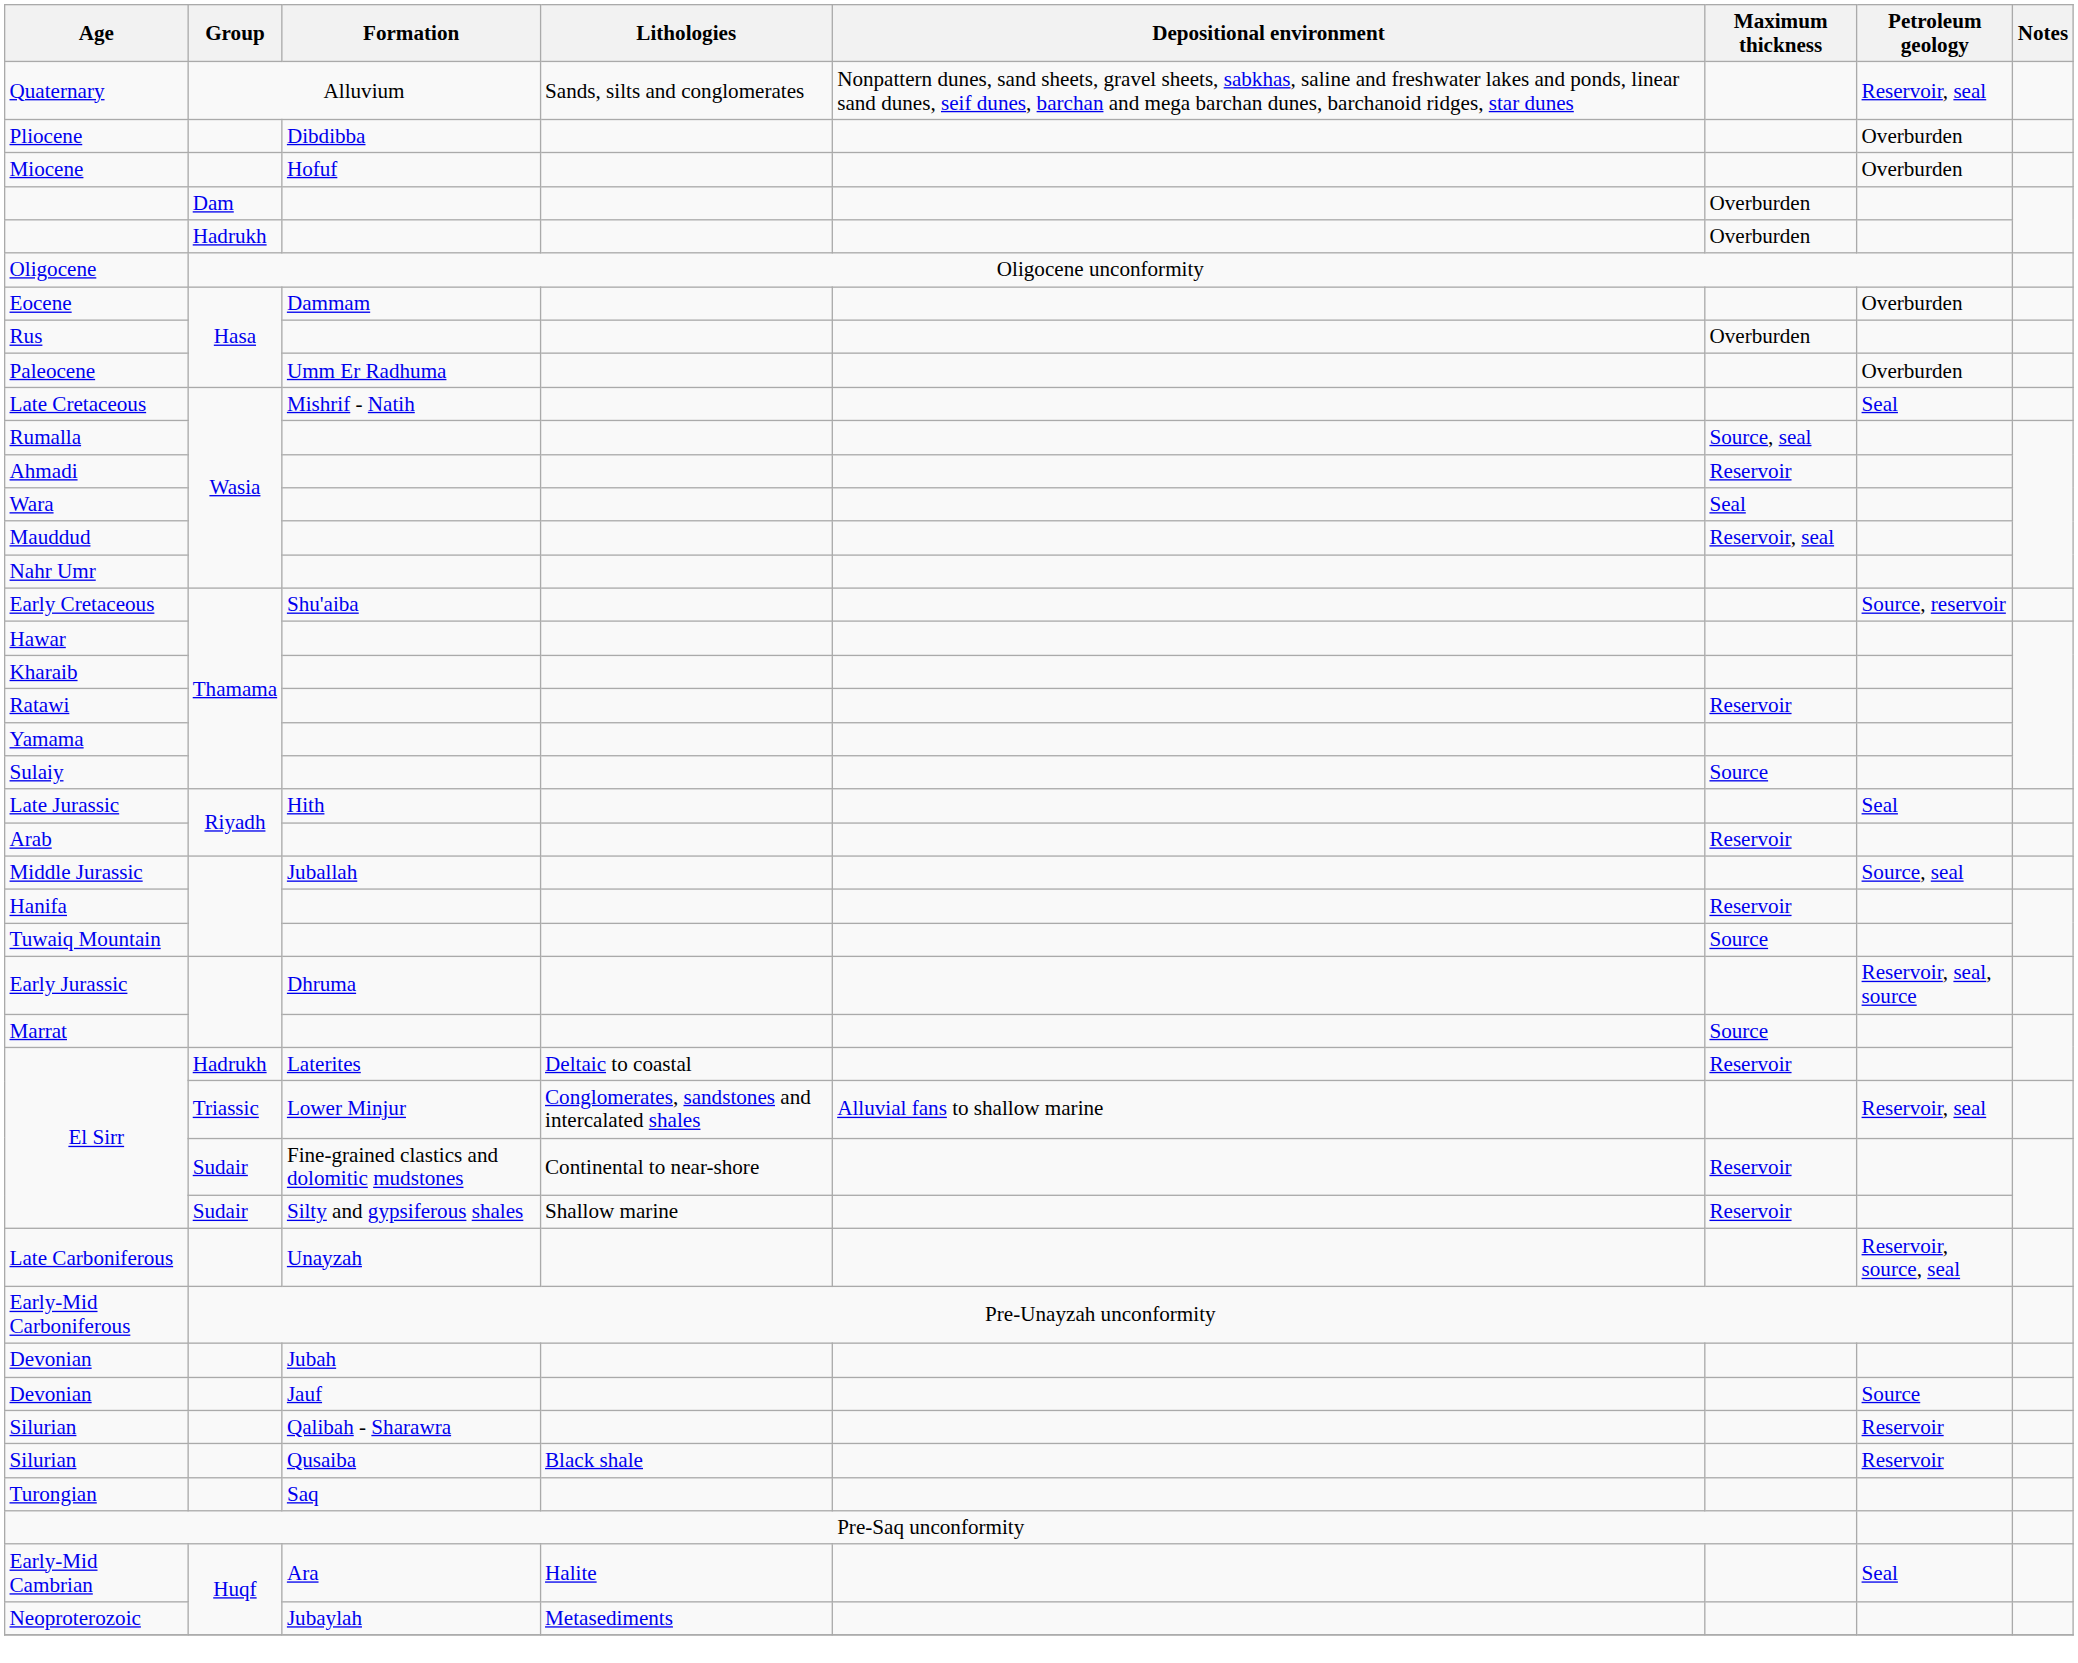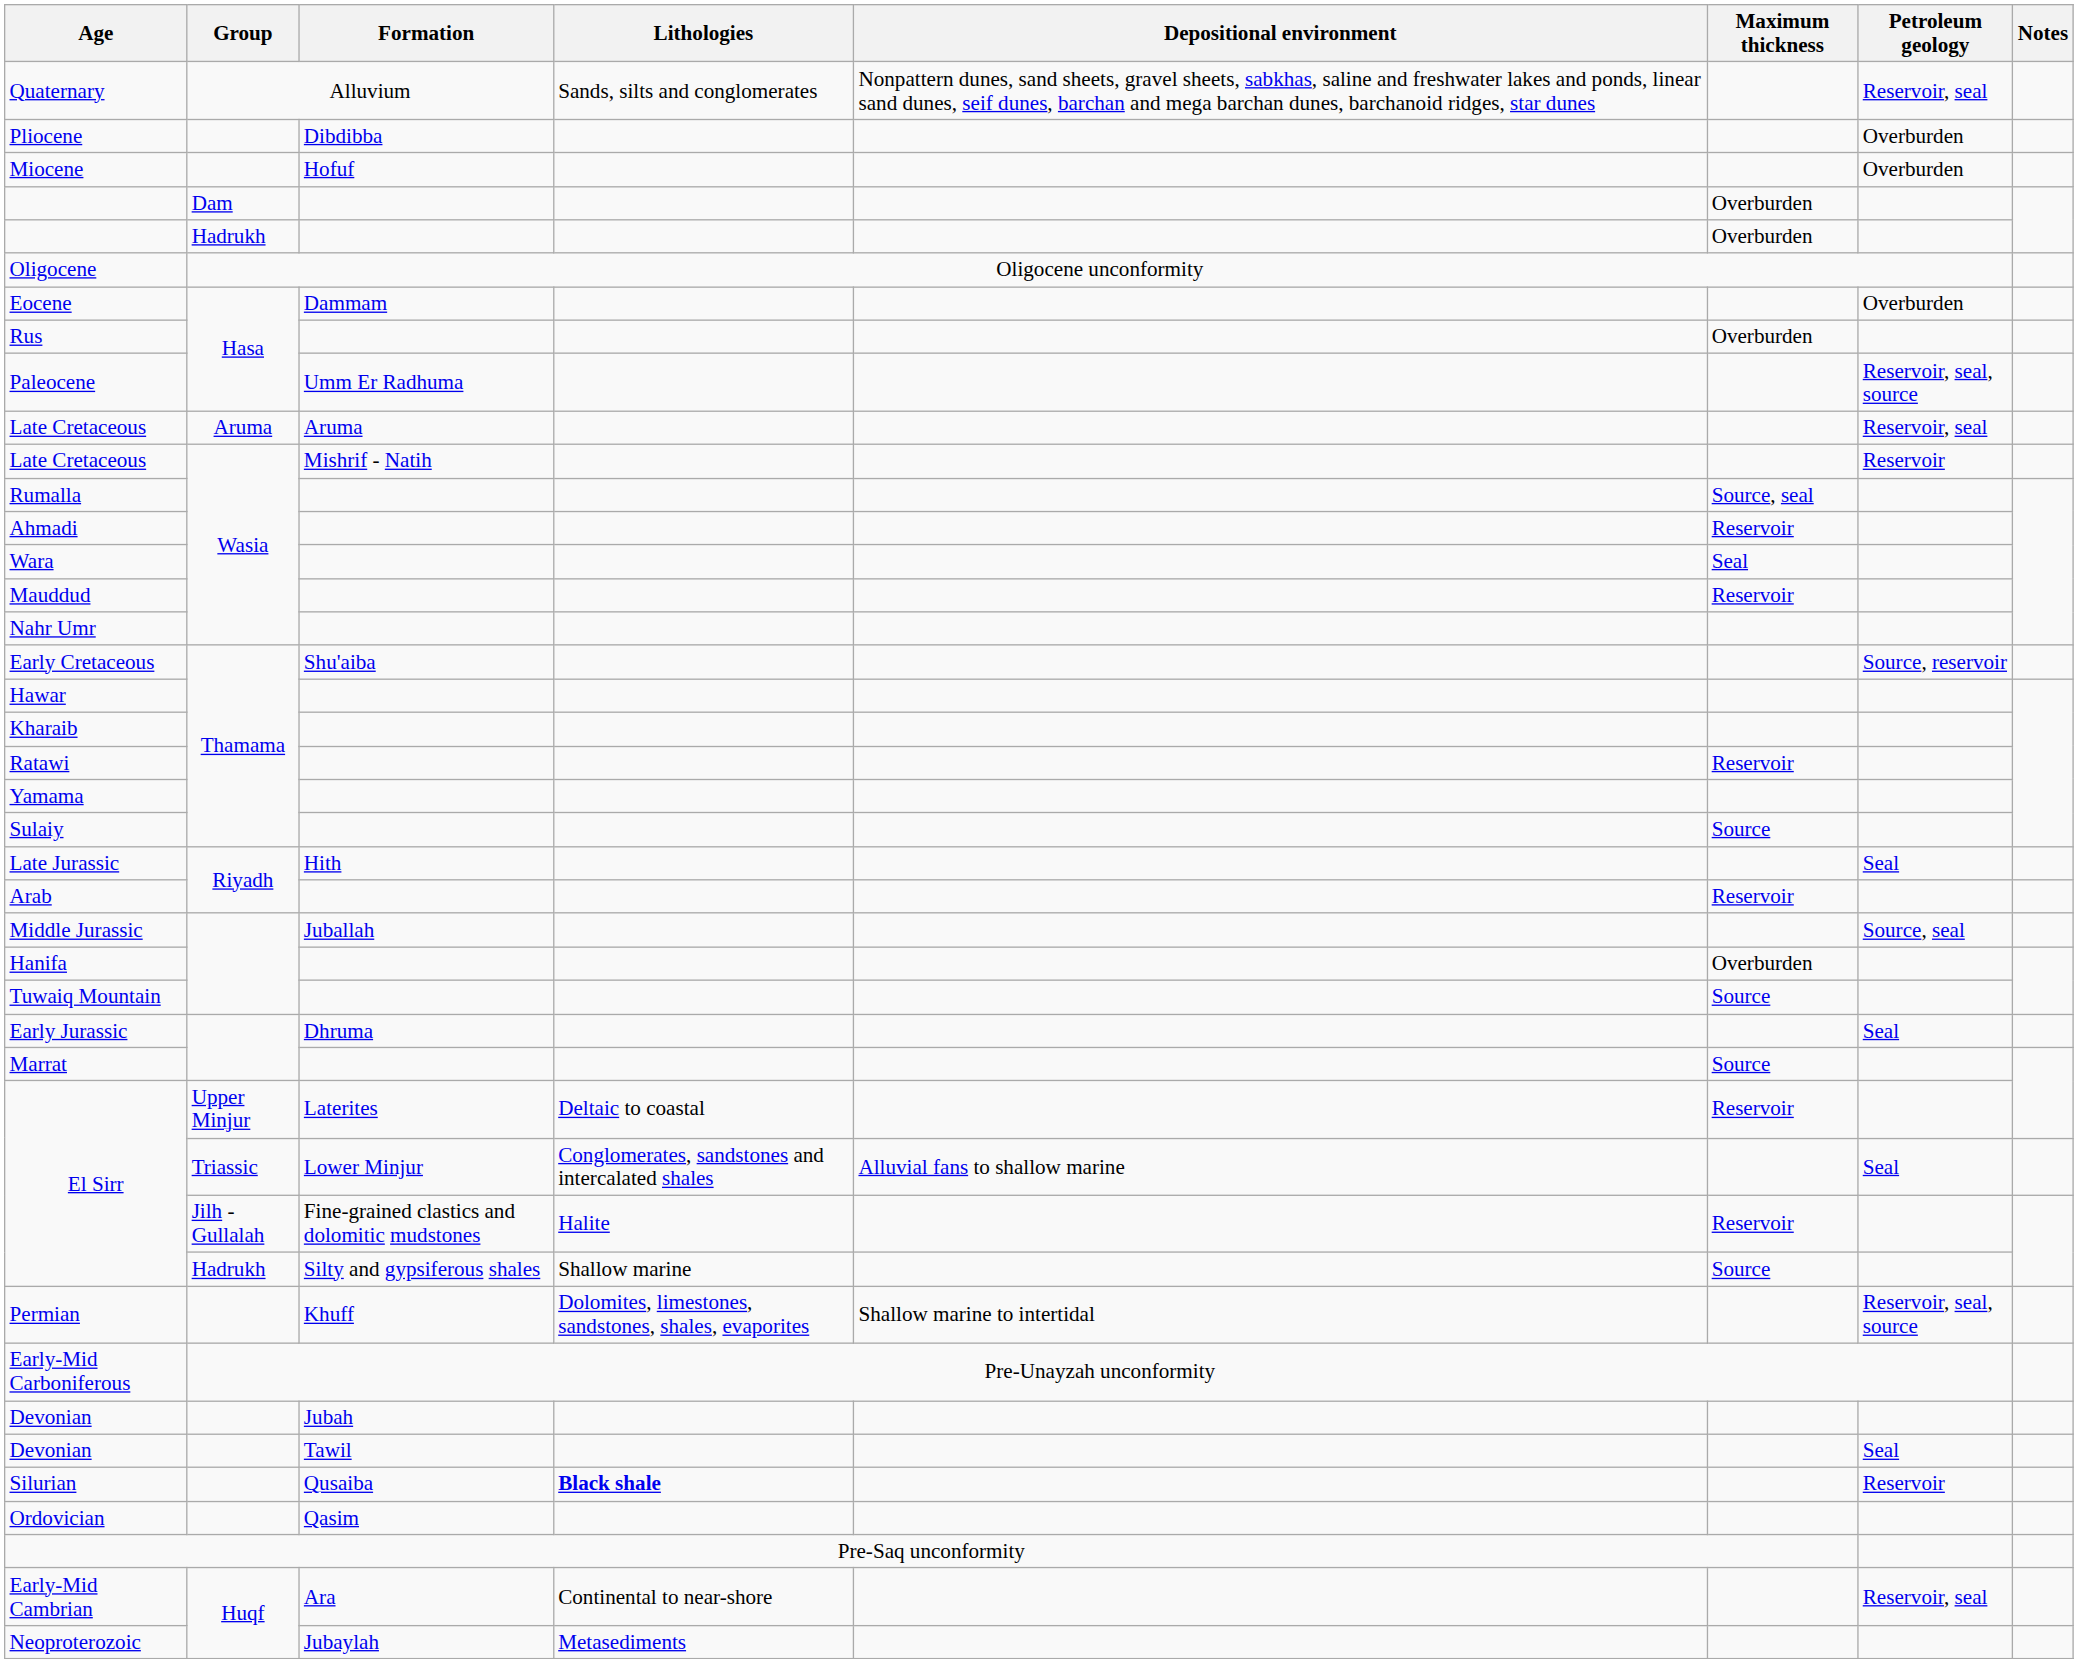 <table class="wikitable sortable mw-collapsible">
 <tr>
 <th>Age</th>
 <th>Group</th>
 <th>Formation</th>
 <th>Lithologies</th>
 <th>Depositional environment</th>
 <th>Maximum thickness</th>
 <th>Petroleum geology</th>
 <th class=unsortable>Notes</th>
 </tr>
 <tr>
 <td style="background-color: "><a href='#'>Quaternary</a></td>
 <td colspan=2 align=center>Alluvium</td>
 <td>Sands, silts and conglomerates</td>
 <td>Nonpattern dunes, sand sheets, gravel sheets, <a href='#'>sabkhas</a>, saline and freshwater lakes and ponds, linear sand dunes, <a href='#'>seif dunes</a>, <a href='#'>barchan</a> and mega barchan dunes, barchanoid ridges, <a href='#'>star dunes</a></td>
 <td></td>
 <td><a href='#'>Reservoir</a>, <a href='#'>seal</a></td>
 <td></td>
 </tr>
 <tr>
 <td style="background-color: "><a href='#'>Pliocene</a></td>
 <td align=center></td>
 <td><a href='#'>Dibdibba</a></td>
 <td></td>
 <td></td>
 <td></td>
 <td>Overburden</td>
 <td></td>
 </tr>
 <tr>
 <td style="background-color: "><a href='#'>Miocene</a></td>
 <td align=center></td>
 <td><a href='#'>Hofuf</a></td>
 <td></td>
 <td></td>
 <td></td>
 <td>Overburden</td>
 <td></td>
 </tr>
 <tr>
 <td align=center></td>
 <td><a href='#'>Dam</a></td>
 <td></td>
 <td></td>
 <td></td>
 <td>Overburden</td>
 <td></td>
 </tr>
 <tr>
 <td align=center></td>
 <td><a href='#'>Hadrukh</a></td>
 <td></td>
 <td></td>
 <td></td>
 <td>Overburden</td>
 <td></td>
 </tr>
 <tr>
 <td style="background-color: "><a href='#'>Oligocene</a></td>
 <td align=center colspan=6>Oligocene unconformity</td>
 <td></td>
 </tr>
 <tr>
 <td style="background-color: "><a href='#'>Eocene</a></td>
 <td align=center rowspan=3><a href='#'>Hasa</a></td>
 <td><a href='#'>Dammam</a></td>
 <td></td>
 <td></td>
 <td></td>
 <td>Overburden</td>
 <td></td>
 </tr>
 <tr>
 <td><a href='#'>Rus</a></td>
 <td></td>
 <td></td>
 <td></td>
 <td>Overburden</td>
 <td></td>
 </tr>
 <tr>
 <td style="background-color: "><a href='#'>Paleocene</a></td>
 <td><a href='#'>Umm Er Radhuma</a></td>
 <td></td>
 <td></td>
 <td></td>
-<td>Overburden</td>
+<td><a href='#'>Reservoir</a>, <a href='#'>seal</a>, <a href='#'>source</a></td>
+<td></td>
+</tr>
+<tr>
+<td style="background-color: "><a href='#'>Late Cretaceous</a></td>
+<td align=center><a href='#'>Aruma</a></td>
+<td><a href='#'>Aruma</a></td>
+<td></td>
+<td></td>
+<td></td>
+<td><a href='#'>Reservoir</a>, <a href='#'>seal</a></td>
 <td></td>
 </tr>
 <tr>
 <td style="background-color: "><a href='#'>Late Cretaceous</a></td>
 <td align=center rowspan=6><a href='#'>Wasia</a></td>
 <td><a href='#'>Mishrif</a> - <a href='#'>Natih</a></td>
 <td></td>
 <td></td>
 <td></td>
-<td><a href='#'>Seal</a></td>
+<td><a href='#'>Reservoir</a></td>
 <td></td>
 </tr>
 <tr>
 <td><a href='#'>Rumalla</a></td>
 <td></td>
 <td></td>
 <td></td>
 <td><a href='#'>Source</a>, <a href='#'>seal</a></td>
 <td></td>
 </tr>
 <tr>
 <td><a href='#'>Ahmadi</a></td>
 <td></td>
 <td></td>
 <td></td>
 <td><a href='#'>Reservoir</a></td>
 <td></td>
 </tr>
 <tr>
 <td><a href='#'>Wara</a></td>
 <td></td>
 <td></td>
 <td></td>
 <td><a href='#'>Seal</a></td>
 <td></td>
 </tr>
 <tr>
 <td><a href='#'>Mauddud</a></td>
 <td></td>
 <td></td>
 <td></td>
-<td><a href='#'>Reservoir</a>, <a href='#'>seal</a></td>
+<td><a href='#'>Reservoir</a></td>
 <td></td>
 </tr>
 <tr>
 <td><a href='#'>Nahr Umr</a></td>
 <td></td>
 <td></td>
 <td></td>
 <td></td>
 <td></td>
 </tr>
 <tr>
 <td style="background-color: "><a href='#'>Early Cretaceous</a></td>
 <td align=center rowspan=6><a href='#'>Thamama</a></td>
 <td><a href='#'>Shu'aiba</a></td>
 <td></td>
 <td></td>
 <td></td>
 <td><a href='#'>Source</a>, <a href='#'>reservoir</a></td>
 <td></td>
 </tr>
 <tr>
 <td><a href='#'>Hawar</a></td>
 <td></td>
 <td></td>
 <td></td>
 <td></td>
 <td></td>
 </tr>
 <tr>
 <td><a href='#'>Kharaib</a></td>
 <td></td>
 <td></td>
 <td></td>
 <td></td>
 <td></td>
 </tr>
 <tr>
 <td><a href='#'>Ratawi</a></td>
 <td></td>
 <td></td>
 <td></td>
 <td><a href='#'>Reservoir</a></td>
 <td></td>
 </tr>
 <tr>
 <td><a href='#'>Yamama</a></td>
 <td></td>
 <td></td>
 <td></td>
 <td></td>
 <td></td>
 </tr>
 <tr>
 <td><a href='#'>Sulaiy</a></td>
 <td></td>
 <td></td>
 <td></td>
 <td><a href='#'>Source</a></td>
 <td></td>
 </tr>
 <tr>
 <td style="background-color: "><a href='#'>Late Jurassic</a></td>
 <td align=center rowspan=2><a href='#'>Riyadh</a></td>
 <td><a href='#'>Hith</a></td>
 <td></td>
 <td></td>
 <td></td>
 <td><a href='#'>Seal</a></td>
 <td></td>
 </tr>
 <tr>
 <td><a href='#'>Arab</a></td>
 <td></td>
 <td></td>
 <td></td>
 <td><a href='#'>Reservoir</a></td>
 <td></td>
 </tr>
 <tr>
 <td style="background-color: "><a href='#'>Middle Jurassic</a></td>
 <td align=center rowspan=3></td>
 <td><a href='#'>Juballah</a></td>
 <td></td>
 <td></td>
 <td></td>
 <td><a href='#'>Source</a>, <a href='#'>seal</a></td>
 <td></td>
 </tr>
 <tr>
 <td><a href='#'>Hanifa</a></td>
 <td></td>
 <td></td>
 <td></td>
-<td><a href='#'>Reservoir</a></td>
+<td>Overburden</td>
 <td></td>
 </tr>
 <tr>
 <td><a href='#'>Tuwaiq Mountain</a></td>
 <td></td>
 <td></td>
 <td></td>
 <td><a href='#'>Source</a></td>
 <td></td>
 </tr>
 <tr>
 <td style="background-color: "><a href='#'>Early Jurassic</a></td>
 <td align=center rowspan=2></td>
 <td><a href='#'>Dhruma</a></td>
 <td></td>
 <td></td>
 <td></td>
-<td><a href='#'>Reservoir</a>, <a href='#'>seal</a>, <a href='#'>source</a></td>
+<td><a href='#'>Seal</a></td>
 <td></td>
 </tr>
 <tr>
 <td><a href='#'>Marrat</a></td>
 <td></td>
 <td></td>
 <td></td>
 <td><a href='#'>Source</a></td>
 <td></td>
 </tr>
 <tr>
 <td align=center rowspan=4><a href='#'>El Sirr</a></td>
-<td><a href='#'>Hadrukh</a></td>
+<td><a href='#'>Upper Minjur</a></td>
 <td><a href='#'>Laterites</a></td>
 <td><a href='#'>Deltaic</a> to coastal</td>
 <td></td>
 <td><a href='#'>Reservoir</a></td>
 <td></td>
 </tr>
 <tr>
 <td style="background-color: "><a href='#'>Triassic</a></td>
 <td><a href='#'>Lower Minjur</a></td>
 <td><a href='#'>Conglomerates</a>, <a href='#'>sandstones</a> and intercalated <a href='#'>shales</a></td>
 <td><a href='#'>Alluvial fans</a> to shallow marine</td>
 <td></td>
-<td><a href='#'>Reservoir</a>, <a href='#'>seal</a></td>
+<td><a href='#'>Seal</a></td>
 <td></td>
 </tr>
 <tr>
-<td><a href='#'>Sudair</a></td>
+<td><a href='#'>Jilh</a> - <a href='#'>Gullalah</a></td>
 <td>Fine-grained clastics and <a href='#'>dolomitic</a> <a href='#'>mudstones</a></td>
-<td>Continental to near-shore</td>
+<td><a href='#'>Halite</a></td>
 <td></td>
 <td><a href='#'>Reservoir</a></td>
 <td></td>
 </tr>
 <tr>
-<td><a href='#'>Sudair</a></td>
+<td><a href='#'>Hadrukh</a></td>
 <td><a href='#'>Silty</a> and <a href='#'>gypsiferous</a> <a href='#'>shales</a></td>
 <td>Shallow marine</td>
 <td></td>
-<td><a href='#'>Reservoir</a></td>
+<td><a href='#'>Source</a></td>
 <td></td>
 </tr>
 <tr>
-<td style="background-color: "><a href='#'>Late Carboniferous</a></td>
+<td style="background-color: "><a href='#'>Permian</a></td>
 <td align=center></td>
-<td><a href='#'>Unayzah</a></td>
+<td><a href='#'>Khuff</a></td>
+<td><a href='#'>Dolomites</a>, <a href='#'>limestones</a>, <a href='#'>sandstones</a>, <a href='#'>shales</a>, <a href='#'>evaporites</a></td>
+<td>Shallow marine to intertidal</td>
 <td></td>
-<td></td>
-<td></td>
-<td><a href='#'>Reservoir</a>, <a href='#'>source</a>, <a href='#'>seal</a></td>
+<td><a href='#'>Reservoir</a>, <a href='#'>seal</a>, <a href='#'>source</a></td>
 <td></td>
 </tr>
 <tr>
 <td style="background-color: "><a href='#'>Early-Mid Carboniferous</a></td>
 <td align=center colspan=6>Pre-Unayzah unconformity</td>
 <td></td>
 </tr>
 <tr>
 <td style="background-color: "><a href='#'>Devonian</a></td>
 <td align=center></td>
 <td><a href='#'>Jubah</a></td>
 <td></td>
 <td></td>
 <td></td>
 <td></td>
 <td></td>
 </tr>
 <tr>
 <td style="background-color: "><a href='#'>Devonian</a></td>
 <td align=center></td>
-<td><a href='#'>Jauf</a></td>
+<td><a href='#'>Tawil</a></td>
 <td></td>
 <td></td>
 <td></td>
-<td><a href='#'>Source</a></td>
+<td><a href='#'>Seal</a></td>
 <td></td>
 </tr>
 <tr>
 <td style="background-color: "><a href='#'>Silurian</a></td>
 <td align=center></td>
-<td><a href='#'>Qalibah</a> - <a href='#'>Sharawra</a></td>
-<td></td>
+<td><a href='#'>Qusaiba</a></td>
+<td><strong><a href='#'>Black shale</a></strong></td>
 <td></td>
 <td></td>
 <td><a href='#'>Reservoir</a></td>
 <td></td>
 </tr>
 <tr>
-<td style="background-color: "><a href='#'>Silurian</a></td>
+<td style="background-color: "><a href='#'>Ordovician</a></td>
 <td align=center></td>
-<td><a href='#'>Qusaiba</a></td>
-<td><a href='#'>Black shale</a></td>
-<td></td>
-<td></td>
-<td><a href='#'>Reservoir</a></td>
-<td></td>
-</tr>
-<tr>
-<td style="background-color: "><a href='#'>Turongian</a></td>
-<td align=center></td>
-<td><a href='#'>Saq</a></td>
+<td><a href='#'>Qasim</a></td>
 <td></td>
 <td></td>
 <td></td>
 <td></td>
 <td></td>
 </tr>
 <tr>
 <td align=center colspan=6>Pre-Saq unconformity</td>
 <td></td>
 </tr>
 <tr>
 <td style="background-color: "><a href='#'>Early-Mid Cambrian</a></td>
 <td rowspan=2 align=center><a href='#'>Huqf</a></td>
 <td><a href='#'>Ara</a></td>
-<td><a href='#'>Halite</a></td>
+<td>Continental to near-shore</td>
 <td></td>
 <td></td>
-<td><a href='#'>Seal</a></td>
+<td><a href='#'>Reservoir</a>, <a href='#'>seal</a></td>
 <td></td>
 </tr>
 <tr>
 <td style="background-color: "><a href='#'>Neoproterozoic</a></td>
 <td><a href='#'>Jubaylah</a></td>
 <td><a href='#'>Metasediments</a></td>
 <td></td>
 <td></td>
 <td></td>
 <td></td>
 </tr>
 <tr>
 </tr>
 </table>
